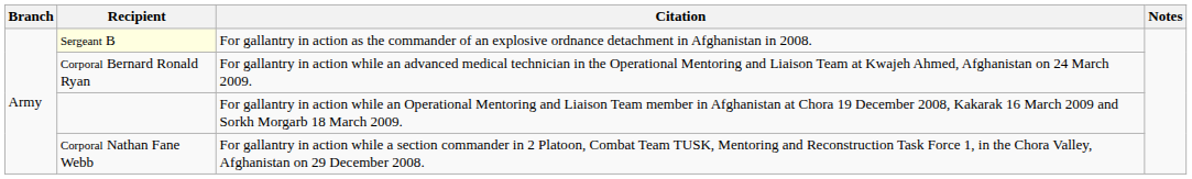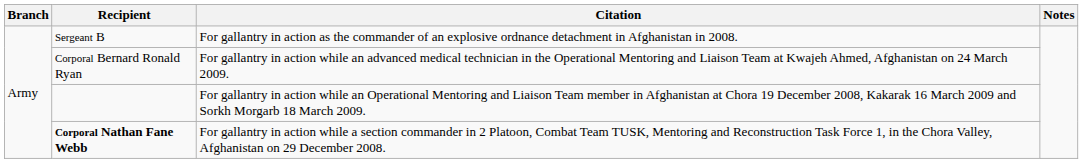 <table class="wikitable" style="font-size:95%;">
 <tr>
 <th>Branch</th>
 <th>Recipient</th>
 <th>Citation</th>
 <th>Notes</th>
 </tr>
 <tr>
 <td rowspan=4>Army</td>
-<td style="background: lightyellow;"><small>Sergeant</small> B</td>
+<td><small>Sergeant</small> B</td>
 <td>For gallantry in action as the commander of an explosive ordnance detachment in Afghanistan in 2008.</td>
 <td rowspan=4></td>
 </tr>
 <tr>
 <td><small>Corporal</small> Bernard Ronald Ryan</td>
 <td>For gallantry in action while an advanced medical technician in the Operational Mentoring and Liaison Team at Kwajeh Ahmed, Afghanistan on 24 March 2009.</td>
 </tr>
 <tr>
 <td></td>
 <td>For gallantry in action while an Operational Mentoring and Liaison Team member in Afghanistan at Chora 19 December 2008, Kakarak 16 March 2009 and Sorkh Morgarb 18 March 2009.</td>
 </tr>
 <tr>
-<td><small>Corporal</small> Nathan Fane Webb</td>
+<td><strong><small>Corporal</small> Nathan Fane Webb</strong></td>
 <td>For gallantry in action while a section commander in 2 Platoon, Combat Team TUSK, Mentoring and Reconstruction Task Force 1, in the Chora Valley, Afghanistan on 29 December 2008.</td>
 </tr>
 </table>
